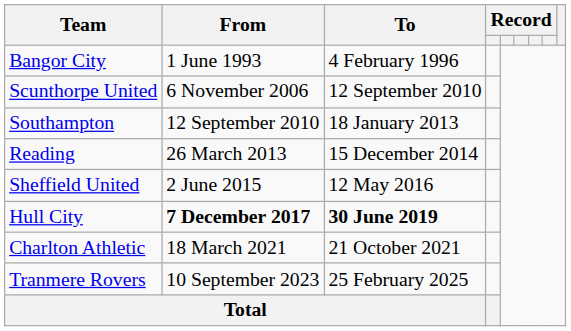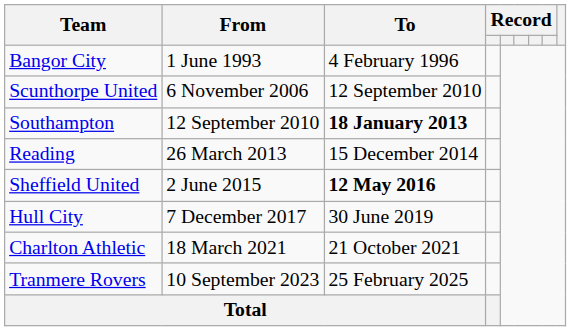 <table class=wikitable style=text-align:center>
 <tr>
 <th rowspan=2>Team</th>
 <th rowspan=2>From</th>
 <th rowspan=2>To</th>
 <th colspan=5>Record</th>
 <th rowspan=2></th>
 </tr>
 <tr>
 <th></th>
 <th></th>
 <th></th>
 <th></th>
 <th></th>
 </tr>
 <tr>
 <td align=left><a href='#'>Bangor City</a></td>
 <td align=left>1 June 1993</td>
 <td align=left>4 February 1996<br></td>
 <td></td>
 </tr>
 <tr>
 <td align=left><a href='#'>Scunthorpe United</a></td>
 <td align=left>6 November 2006</td>
 <td align=left>12 September 2010<br></td>
 <td></td>
 </tr>
 <tr>
 <td align=left><a href='#'>Southampton</a></td>
 <td align=left>12 September 2010</td>
-<td align=left>18 January 2013<br></td>
+<td align=left><strong>18 January 2013<br></strong></td>
 <td></td>
 </tr>
 <tr>
 <td align=left><a href='#'>Reading</a></td>
 <td align=left>26 March 2013</td>
 <td align=left>15 December 2014<br></td>
 <td></td>
 </tr>
 <tr>
 <td align=left><a href='#'>Sheffield United</a></td>
 <td align=left>2 June 2015</td>
-<td align=left>12 May 2016<br></td>
+<td align=left><strong>12 May 2016<br></strong></td>
 <td></td>
 </tr>
 <tr>
 <td align=left><a href='#'>Hull City</a></td>
-<td align=left><strong>7 December 2017</strong></td>
-<td align=left><strong>30 June 2019<br></strong></td>
+<td align=left>7 December 2017</td>
+<td align=left>30 June 2019<br></td>
 <td></td>
 </tr>
 <tr>
 <td align=left><a href='#'>Charlton Athletic</a></td>
 <td align=left>18 March 2021</td>
 <td align=left>21 October 2021<br></td>
 <td></td>
 </tr>
 <tr>
 <td align=left><a href='#'>Tranmere Rovers</a></td>
 <td align=left>10 September 2023</td>
 <td align=left>25 February 2025<br></td>
 <td></td>
 </tr>
 <tr>
 <th colspan=3>Total<br></th>
 <th></th>
 </tr>
 </table>
